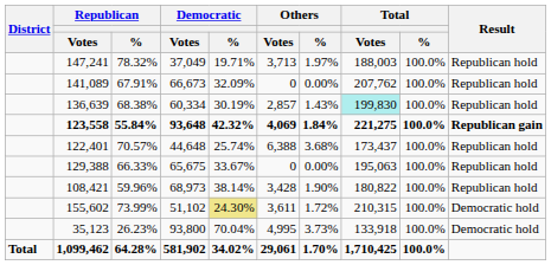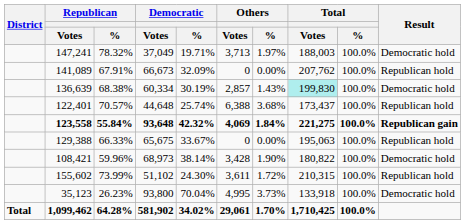 <table class="wikitable plainrowheaders sortable" style="font-size:100%; text-align:right;">
 <tr>
 <th scope=col rowspan=3><a href='#'>District</a></th>
 <th scope=col colspan=2><a href='#'>Republican</a></th>
 <th scope=col colspan=2><a href='#'>Democratic</a></th>
 <th scope=col colspan=2>Others</th>
 <th scope=col colspan=2>Total</th>
 <th scope=col rowspan=3>Result</th>
 </tr>
 <tr>
 <th scope=col colspan=2 style="background:"></th>
 <th scope=col colspan=2 style="background:"></th>
 <th scope=col colspan=2></th>
 <th scope=col colspan=2></th>
 </tr>
 <tr>
 <th scope=col data-sort-type="number">Votes</th>
 <th scope=col data-sort-type="number">%</th>
 <th scope=col data-sort-type="number">Votes</th>
 <th scope=col data-sort-type="number">%</th>
 <th scope=col data-sort-type="number">Votes</th>
 <th scope=col data-sort-type="number">%</th>
 <th scope=col data-sort-type="number">Votes</th>
 <th scope=col data-sort-type="number">%</th>
 </tr>
 <tr>
 <td align=left></td>
 <td>147,241</td>
 <td>78.32%</td>
 <td>37,049</td>
 <td>19.71%</td>
 <td>3,713</td>
 <td>1.97%</td>
 <td>188,003</td>
 <td>100.0%</td>
-<td align=left>Republican hold</td>
+<td align=left>Democratic hold</td>
 </tr>
 <tr>
 <td align=left></td>
 <td>141,089</td>
 <td>67.91%</td>
 <td>66,673</td>
 <td>32.09%</td>
 <td>0</td>
 <td>0.00%</td>
 <td>207,762</td>
 <td>100.0%</td>
 <td align=left>Republican hold</td>
 </tr>
 <tr>
 <td align=left></td>
 <td>136,639</td>
 <td>68.38%</td>
 <td>60,334</td>
 <td>30.19%</td>
 <td>2,857</td>
 <td>1.43%</td>
 <td style="background: paleturquoise;">199,830</td>
 <td>100.0%</td>
+<td align=left>Democratic hold</td>
+</tr>
+<tr>
+<td align=left></td>
+<td>122,401</td>
+<td>70.57%</td>
+<td>44,648</td>
+<td>25.74%</td>
+<td>6,388</td>
+<td>3.68%</td>
+<td>173,437</td>
+<td>100.0%</td>
 <td align=left>Republican hold</td>
 </tr>
 <tr>
 <td align=left><strong></strong></td>
 <td><strong>123,558</strong></td>
 <td><strong>55.84%</strong></td>
 <td><strong>93,648</strong></td>
 <td><strong>42.32%</strong></td>
 <td><strong>4,069</strong></td>
 <td><strong>1.84%</strong></td>
 <td><strong>221,275</strong></td>
 <td><strong>100.0%</strong></td>
 <td align=left><strong>Republican gain</strong></td>
-</tr>
-<tr>
-<td align=left></td>
-<td>122,401</td>
-<td>70.57%</td>
-<td>44,648</td>
-<td>25.74%</td>
-<td>6,388</td>
-<td>3.68%</td>
-<td>173,437</td>
-<td>100.0%</td>
-<td align=left>Republican hold</td>
 </tr>
 <tr>
 <td align=left></td>
 <td>129,388</td>
 <td>66.33%</td>
 <td>65,675</td>
 <td>33.67%</td>
 <td>0</td>
 <td>0.00%</td>
 <td>195,063</td>
 <td>100.0%</td>
 <td align=left>Republican hold</td>
 </tr>
 <tr>
 <td align=left></td>
 <td>108,421</td>
 <td>59.96%</td>
 <td>68,973</td>
 <td>38.14%</td>
 <td>3,428</td>
 <td>1.90%</td>
 <td>180,822</td>
 <td>100.0%</td>
-<td align=left>Republican hold</td>
+<td align=left>Democratic hold</td>
 </tr>
 <tr>
 <td align=left></td>
 <td>155,602</td>
 <td>73.99%</td>
 <td>51,102</td>
-<td style="background: khaki;">24.30%</td>
+<td>24.30%</td>
 <td>3,611</td>
 <td>1.72%</td>
 <td>210,315</td>
 <td>100.0%</td>
-<td align=left>Democratic hold</td>
+<td align=left>Republican hold</td>
 </tr>
 <tr>
 <td align=left></td>
 <td>35,123</td>
 <td>26.23%</td>
 <td>93,800</td>
 <td>70.04%</td>
 <td>4,995</td>
 <td>3.73%</td>
 <td>133,918</td>
 <td>100.0%</td>
 <td align=left>Democratic hold</td>
 </tr>
 <tr class="sortbottom" style="font-weight:bold">
 <td align=left>Total</td>
 <td>1,099,462</td>
 <td>64.28%</td>
 <td>581,902</td>
 <td>34.02%</td>
 <td>29,061</td>
 <td>1.70%</td>
 <td>1,710,425</td>
 <td>100.0%</td>
 <td></td>
 </tr>
 </table>
